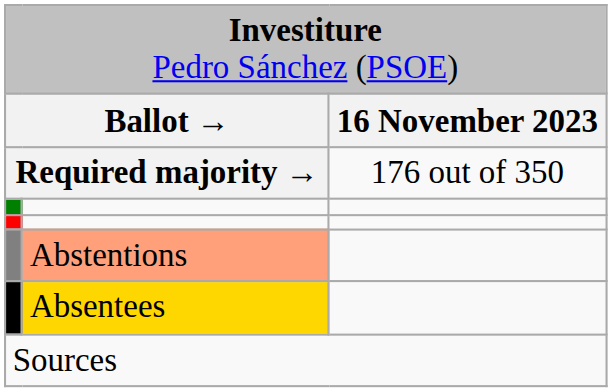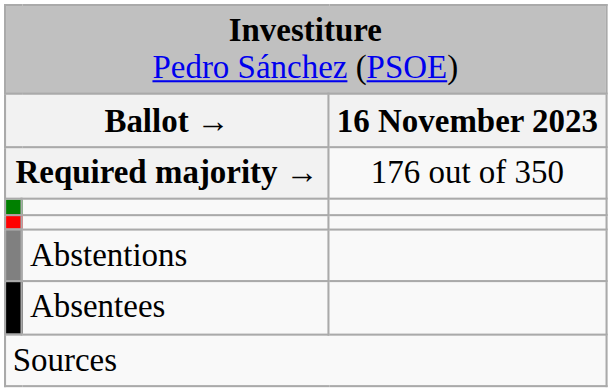 <table class="wikitable" style="text-align:center;">
 <tr>
 <td colspan="4" align="center" bgcolor="#C0C0C0"><strong>Investiture</strong><br><a href='#'>Pedro Sánchez</a> (<a href='#'>PSOE</a>)</td>
 </tr>
 <tr>
 <th colspan="2" style="width:150px;">Ballot →</th>
 <th>16 November 2023</th>
 </tr>
 <tr>
 <th colspan="2">Required majority →</th>
 <td>176 out of 350 </td>
 </tr>
 <tr>
 <th style="width:1px; background:green;"></th>
 <td style="text-align:left;"></td>
 <td></td>
 </tr>
 <tr>
 <th style="color:inherit;background:red;"></th>
 <td style="text-align:left;"></td>
 <td></td>
 </tr>
 <tr>
 <th style="color:inherit;background:gray;"></th>
-<td style="background: lightsalmon; text-align:left;"><span>Abstentions</span></td>
+<td style="text-align:left;"><span>Abstentions</span></td>
 <td></td>
 </tr>
 <tr>
 <th style="color:inherit;background:black;"></th>
-<td style="background: gold; text-align:left;"><span>Absentees</span></td>
+<td style="text-align:left;"><span>Absentees</span></td>
 <td></td>
 </tr>
 <tr>
 <td style="text-align:left;" colspan="4">Sources</td>
 </tr>
 </table>
